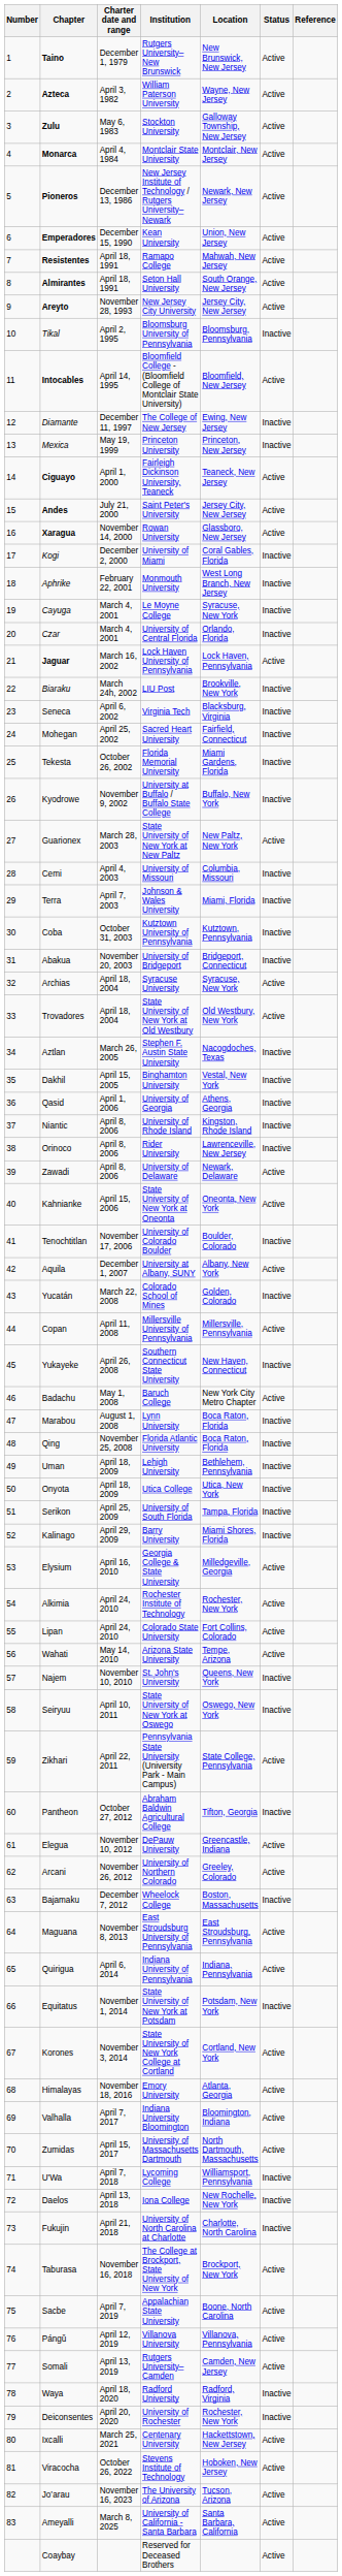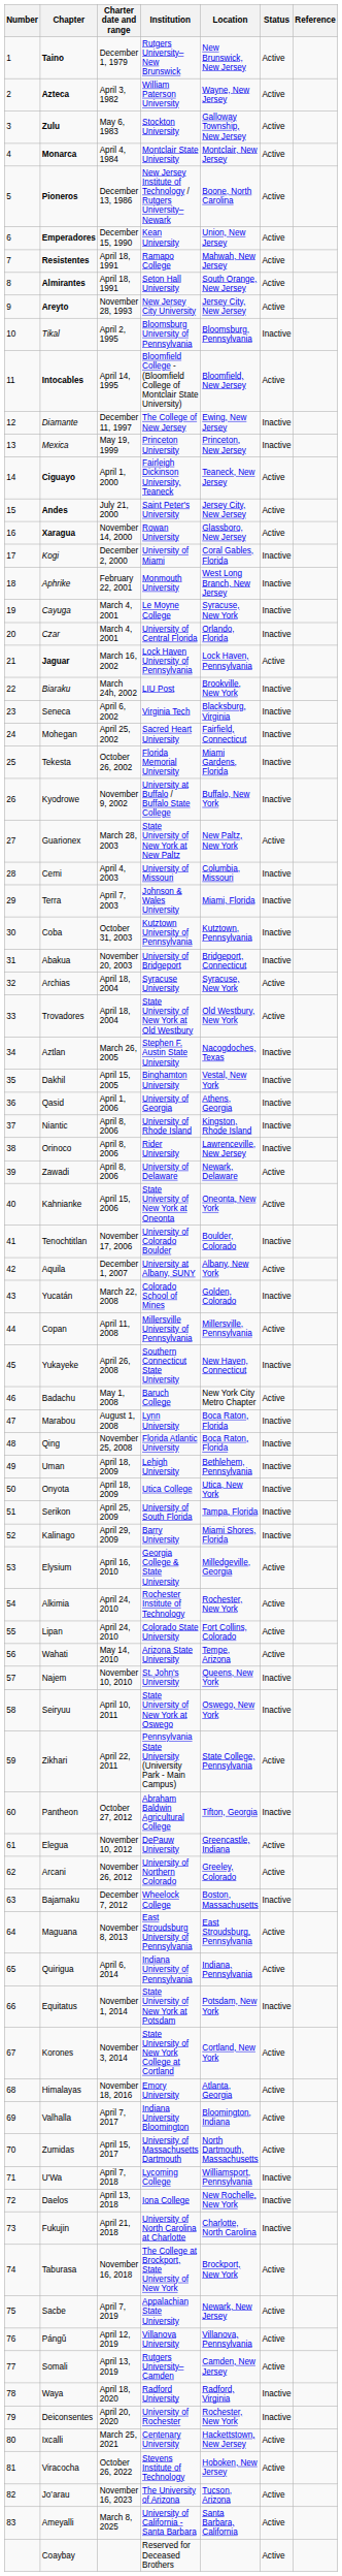 <table class="wikitable sortable">
 <tr>
 <th>Number</th>
 <th>Chapter</th>
 <th>Charter date and range</th>
 <th>Institution</th>
 <th>Location</th>
 <th>Status</th>
 <th>Reference</th>
 </tr>
 <tr>
 <td>1</td>
 <td><strong>Taino</strong></td>
 <td>December 1, 1979</td>
 <td><a href='#'>Rutgers University–New Brunswick</a></td>
 <td><a href='#'>New Brunswick, New Jersey</a></td>
 <td>Active</td>
 <td></td>
 </tr>
 <tr>
 <td>2</td>
 <td><strong>Azteca</strong></td>
 <td>April 3, 1982</td>
 <td><a href='#'>William Paterson University</a></td>
 <td><a href='#'>Wayne, New Jersey</a></td>
 <td>Active</td>
 <td></td>
 </tr>
 <tr>
 <td>3</td>
 <td><strong>Zulu</strong></td>
 <td>May 6, 1983</td>
 <td><a href='#'>Stockton University</a></td>
 <td><a href='#'>Galloway Township, New Jersey</a></td>
 <td>Active</td>
 <td></td>
 </tr>
 <tr>
 <td>4</td>
 <td><strong>Monarca</strong></td>
 <td>April 4, 1984</td>
 <td><a href='#'>Montclair State University</a></td>
 <td><a href='#'>Montclair, New Jersey</a></td>
 <td>Active</td>
 <td></td>
 </tr>
 <tr>
 <td>5</td>
 <td><strong>Pioneros</strong></td>
 <td>December 13, 1986</td>
 <td><a href='#'>New Jersey Institute of Technology</a> / <a href='#'>Rutgers University–Newark</a></td>
-<td><a href='#'>Newark, New Jersey</a></td>
+<td><a href='#'>Boone, North Carolina</a></td>
 <td>Active</td>
 <td></td>
 </tr>
 <tr>
 <td>6</td>
 <td><strong>Emperadores</strong></td>
 <td>December 15, 1990</td>
 <td><a href='#'>Kean University</a></td>
 <td><a href='#'>Union, New Jersey</a></td>
 <td>Active</td>
 <td></td>
 </tr>
 <tr>
 <td>7</td>
 <td><strong>Resistentes</strong></td>
 <td>April 18, 1991</td>
 <td><a href='#'>Ramapo College</a></td>
 <td><a href='#'>Mahwah, New Jersey</a></td>
 <td>Active</td>
 <td></td>
 </tr>
 <tr>
 <td>8</td>
 <td><strong>Almirantes</strong></td>
 <td>April 18, 1991</td>
 <td><a href='#'>Seton Hall University</a></td>
 <td><a href='#'>South Orange, New Jersey</a></td>
 <td>Active</td>
 <td></td>
 </tr>
 <tr>
 <td>9</td>
 <td><strong>Areyto</strong></td>
 <td>November 28, 1993</td>
 <td><a href='#'>New Jersey City University</a></td>
 <td><a href='#'>Jersey City, New Jersey</a></td>
 <td>Active</td>
 <td></td>
 </tr>
 <tr>
 <td>10</td>
 <td><em>Tikal</em></td>
 <td>April 2, 1995</td>
 <td><a href='#'>Bloomsburg University of Pennsylvania</a></td>
 <td><a href='#'>Bloomsburg, Pennsylvania</a></td>
 <td>Inactive</td>
 <td></td>
 </tr>
 <tr>
 <td>11</td>
 <td><strong>Intocables</strong></td>
 <td>April 14, 1995</td>
 <td><a href='#'>Bloomfield College</a> - (Bloomfield College of Montclair State University)</td>
 <td><a href='#'>Bloomfield, New Jersey</a></td>
 <td>Active</td>
 <td></td>
 </tr>
 <tr>
 <td>12</td>
 <td><em>Diamante</em></td>
 <td>December 11, 1997</td>
 <td><a href='#'>The College of New Jersey</a></td>
 <td><a href='#'>Ewing, New Jersey</a></td>
 <td>Inactive</td>
 <td></td>
 </tr>
 <tr>
 <td>13</td>
 <td><em>Mexica</em></td>
 <td>May 19, 1999</td>
 <td><a href='#'>Princeton University</a></td>
 <td><a href='#'>Princeton, New Jersey</a></td>
 <td>Inactive</td>
 <td></td>
 </tr>
 <tr>
 <td>14</td>
 <td><strong>Ciguayo</strong></td>
 <td>April 1, 2000</td>
 <td><a href='#'>Fairleigh Dickinson University, Teaneck</a></td>
 <td><a href='#'>Teaneck, New Jersey</a></td>
 <td>Active</td>
 <td></td>
 </tr>
 <tr>
 <td>15</td>
 <td><strong>Andes</strong></td>
 <td>July 21, 2000</td>
 <td><a href='#'>Saint Peter's University</a></td>
 <td><a href='#'>Jersey City, New Jersey</a></td>
 <td>Active</td>
 <td></td>
 </tr>
 <tr>
 <td>16</td>
 <td><strong>Xaragua</strong></td>
 <td>November 14, 2000</td>
 <td><a href='#'>Rowan University</a></td>
 <td><a href='#'>Glassboro, New Jersey</a></td>
 <td>Active</td>
 <td></td>
 </tr>
 <tr>
 <td>17</td>
 <td><em>Kogi</em></td>
 <td>December 2, 2000</td>
 <td><a href='#'>University of Miami</a></td>
 <td><a href='#'>Coral Gables, Florida</a></td>
 <td>Inactive</td>
 <td></td>
 </tr>
 <tr>
 <td>18</td>
 <td><em>Aphrike</em></td>
 <td>February 22, 2001</td>
 <td><a href='#'>Monmouth University</a></td>
 <td><a href='#'>West Long Branch, New Jersey</a></td>
 <td>Inactive</td>
 <td></td>
 </tr>
 <tr>
 <td>19</td>
 <td><em>Cayuga</em></td>
 <td>March 4, 2001</td>
 <td><a href='#'>Le Moyne College</a></td>
 <td><a href='#'>Syracuse, New York</a></td>
 <td>Inactive</td>
 <td></td>
 </tr>
 <tr>
 <td>20</td>
 <td><em>Czar</em></td>
 <td>March 4, 2001</td>
 <td><a href='#'>University of Central Florida</a></td>
 <td><a href='#'>Orlando, Florida</a></td>
 <td>Inactive</td>
 <td></td>
 </tr>
 <tr>
 <td>21</td>
 <td><strong>Jaguar</strong></td>
 <td>March 16, 2002</td>
 <td><a href='#'>Lock Haven University of Pennsylvania</a></td>
 <td><a href='#'>Lock Haven, Pennsylvania</a></td>
 <td>Active</td>
 <td></td>
 </tr>
 <tr>
 <td>22</td>
 <td><em>Biaraku<strong></td>
 <td>March 24h, 2002</td>
 <td><a href='#'>LIU Post</a></td>
 <td><a href='#'>Brookville, New York</a></td>
 <td>Inactive</td>
 <td></td>
 </tr>
 <tr>
 <td>23</td>
 <td></em>Seneca<em></td>
 <td>April 6, 2002</td>
 <td><a href='#'>Virginia Tech</a></td>
 <td><a href='#'>Blacksburg, Virginia</a></td>
 <td>Inactive</td>
 <td></td>
 </tr>
 <tr>
 <td>24</td>
 <td></em>Mohegan<em></td>
 <td>April 25, 2002</td>
 <td><a href='#'>Sacred Heart University</a></td>
 <td><a href='#'>Fairfield, Connecticut</a></td>
 <td>Inactive</td>
 <td></td>
 </tr>
 <tr>
 <td>25</td>
 <td></em>Tekesta<em></td>
 <td>October 26, 2002</td>
 <td><a href='#'>Florida Memorial University</a></td>
 <td><a href='#'>Miami Gardens, Florida</a></td>
 <td>Inactive</td>
 <td></td>
 </tr>
 <tr>
 <td>26</td>
 <td></em>Kyodrowe<em></td>
 <td>November 9, 2002</td>
 <td><a href='#'>University at Buffalo</a> / <a href='#'>Buffalo State College</a></td>
 <td><a href='#'>Buffalo, New York</a></td>
 <td>Inactive</td>
 <td></td>
 </tr>
 <tr>
 <td>27</td>
 <td></strong>Guarionex<strong></td>
 <td>March 28, 2003</td>
 <td><a href='#'>State University of New York at New Paltz</a></td>
 <td><a href='#'>New Paltz, New York</a></td>
 <td>Active</td>
 <td></td>
 </tr>
 <tr>
 <td>28</td>
 <td></em>Cemi<em></td>
 <td>April 4, 2003</td>
 <td><a href='#'>University of Missouri</a></td>
 <td><a href='#'>Columbia, Missouri</a></td>
 <td>Inactive</td>
 <td></td>
 </tr>
 <tr>
 <td>29</td>
 <td></em>Terra<em></td>
 <td>April 7, 2003</td>
 <td><a href='#'>Johnson & Wales University</a></td>
 <td><a href='#'>Miami, Florida</a></td>
 <td>Inactive</td>
 <td></td>
 </tr>
 <tr>
 <td>30</td>
 <td></em>Coba<em></td>
 <td>October 31, 2003</td>
 <td><a href='#'>Kutztown University of Pennsylvania</a></td>
 <td><a href='#'>Kutztown, Pennsylvania</a></td>
 <td>Inactive</td>
 <td></td>
 </tr>
 <tr>
 <td>31</td>
 <td></em>Abakua<em></td>
 <td>November 20, 2003</td>
 <td><a href='#'>University of Bridgeport</a></td>
 <td><a href='#'>Bridgeport, Connecticut</a></td>
 <td>Inactive</td>
 <td></td>
 </tr>
 <tr>
 <td>32</td>
 <td></strong>Archias<strong></td>
 <td>April 18, 2004</td>
 <td><a href='#'>Syracuse University</a></td>
 <td><a href='#'>Syracuse, New York</a></td>
 <td>Active</td>
 <td></td>
 </tr>
 <tr>
 <td>33</td>
 <td></strong>Trovadores<strong></td>
 <td>April 18, 2004</td>
 <td><a href='#'>State University of New York at Old Westbury</a></td>
 <td><a href='#'>Old Westbury, New York</a></td>
 <td>Active</td>
 <td></td>
 </tr>
 <tr>
 <td>34</td>
 <td></em>Aztlan<em></td>
 <td>March 26, 2005</td>
 <td><a href='#'>Stephen F. Austin State University</a></td>
 <td><a href='#'>Nacogdoches, Texas</a></td>
 <td>Inactive</td>
 <td></td>
 </tr>
 <tr>
 <td>35</td>
 <td></em>Dakhil<em></td>
 <td>April 15, 2005</td>
 <td><a href='#'>Binghamton University</a></td>
 <td><a href='#'>Vestal, New York</a></td>
 <td>Inactive</td>
 <td></td>
 </tr>
 <tr>
 <td>36</td>
 <td></em>Qasid<em></td>
 <td>April 1, 2006</td>
 <td><a href='#'>University of Georgia</a></td>
 <td><a href='#'>Athens, Georgia</a></td>
 <td>Inactive</td>
 <td></td>
 </tr>
 <tr>
 <td>37</td>
 <td></em>Niantic<em></td>
 <td>April 8, 2006</td>
 <td><a href='#'>University of Rhode Island</a></td>
 <td><a href='#'>Kingston, Rhode Island</a></td>
 <td>Inactive</td>
 <td></td>
 </tr>
 <tr>
 <td>38</td>
 <td></em>Orinoco<em></td>
 <td>April 8, 2006</td>
 <td><a href='#'>Rider University</a></td>
 <td><a href='#'>Lawrenceville, New Jersey</a></td>
 <td>Inactive</td>
 <td></td>
 </tr>
 <tr>
 <td>39</td>
 <td></strong>Zawadi<strong></td>
 <td>April 8, 2006</td>
 <td><a href='#'>University of Delaware</a></td>
 <td><a href='#'>Newark, Delaware</a></td>
 <td>Active</td>
 <td></td>
 </tr>
 <tr>
 <td>40</td>
 <td></strong>Kahnianke<strong></td>
 <td>April 15, 2006</td>
 <td><a href='#'>State University of New York at Oneonta</a></td>
 <td><a href='#'>Oneonta, New York</a></td>
 <td>Active</td>
 <td></td>
 </tr>
 <tr>
 <td>41</td>
 <td></em>Tenochtitlan<em></td>
 <td>November 17, 2006</td>
 <td><a href='#'>University of Colorado Boulder</a></td>
 <td><a href='#'>Boulder, Colorado</a></td>
 <td>Inactive</td>
 <td></td>
 </tr>
 <tr>
 <td>42</td>
 <td></strong>Aquila<strong></td>
 <td>December 1, 2007</td>
 <td><a href='#'>University at Albany, SUNY</a></td>
 <td><a href='#'>Albany, New York</a></td>
 <td>Active</td>
 <td></td>
 </tr>
 <tr>
 <td>43</td>
 <td></em>Yucatán<em></td>
 <td>March 22, 2008</td>
 <td><a href='#'>Colorado School of Mines</a></td>
 <td><a href='#'>Golden, Colorado</a></td>
 <td>Inactive</td>
 <td></td>
 </tr>
 <tr>
 <td>44</td>
 <td></strong>Copan<strong></td>
 <td>April 11, 2008</td>
 <td><a href='#'>Millersville University of Pennsylvania</a></td>
 <td><a href='#'>Millersville, Pennsylvania</a></td>
 <td>Active</td>
 <td></td>
 </tr>
 <tr>
 <td>45</td>
 <td></em>Yukayeke<em></td>
 <td>April 26, 2008</td>
 <td><a href='#'>Southern Connecticut State University</a></td>
 <td><a href='#'>New Haven, Connecticut</a></td>
 <td>Inactive</td>
 <td></td>
 </tr>
 <tr>
 <td>46</td>
 <td></strong>Badachu<strong></td>
 <td>May 1, 2008</td>
 <td><a href='#'>Baruch College</a></td>
 <td>New York City Metro Chapter</td>
 <td>Active</td>
 <td></td>
 </tr>
 <tr>
 <td>47</td>
 <td></em>Marabou<em></td>
 <td>August 1, 2008</td>
 <td><a href='#'>Lynn University</a></td>
 <td><a href='#'>Boca Raton, Florida</a></td>
 <td>Inactive</td>
 <td></td>
 </tr>
 <tr>
 <td>48</td>
 <td></em>Qing<em></td>
 <td>November 25, 2008</td>
 <td><a href='#'>Florida Atlantic University</a></td>
 <td><a href='#'>Boca Raton, Florida</a></td>
 <td>Inactive</td>
 <td></td>
 </tr>
 <tr>
 <td>49</td>
 <td></em>Uman<em></td>
 <td>April 18, 2009</td>
 <td><a href='#'>Lehigh University</a></td>
 <td><a href='#'>Bethlehem, Pennsylvania</a></td>
 <td>Inactive</td>
 <td></td>
 </tr>
 <tr>
 <td>50</td>
 <td></em>Onyota<em></td>
 <td>April 18, 2009</td>
 <td><a href='#'>Utica College</a></td>
 <td><a href='#'>Utica, New York</a></td>
 <td>Inactive</td>
 <td></td>
 </tr>
 <tr>
 <td>51</td>
 <td></em>Serikon<em></td>
 <td>April 25, 2009</td>
 <td><a href='#'>University of South Florida</a></td>
 <td><a href='#'>Tampa, Florida</a></td>
 <td>Inactive</td>
 <td></td>
 </tr>
 <tr>
 <td>52</td>
 <td></em>Kalinago<em></td>
 <td>April 29, 2009</td>
 <td><a href='#'>Barry University</a></td>
 <td><a href='#'>Miami Shores, Florida</a></td>
 <td>Inactive</td>
 <td></td>
 </tr>
 <tr>
 <td>53</td>
 <td></strong>Elysium<strong></td>
 <td>April 16, 2010</td>
 <td><a href='#'>Georgia College & State University</a></td>
 <td><a href='#'>Milledgeville, Georgia</a></td>
 <td>Active</td>
 <td></td>
 </tr>
 <tr>
 <td>54</td>
 <td></strong>Alkimia<strong></td>
 <td>April 24, 2010</td>
 <td><a href='#'>Rochester Institute of Technology</a></td>
 <td><a href='#'>Rochester, New York</a></td>
 <td>Active</td>
 <td></td>
 </tr>
 <tr>
 <td>55</td>
 <td></strong>Lipan<strong></td>
 <td>April 24, 2010</td>
 <td><a href='#'>Colorado State University</a></td>
 <td><a href='#'>Fort Collins, Colorado</a></td>
 <td>Active</td>
 <td></td>
 </tr>
 <tr>
 <td>56</td>
 <td></strong>Wahati<strong></td>
 <td>May 14, 2010</td>
 <td><a href='#'>Arizona State University</a></td>
 <td><a href='#'>Tempe, Arizona</a></td>
 <td>Active</td>
 <td></td>
 </tr>
 <tr>
 <td>57</td>
 <td></em>Najem<em></td>
 <td>November 10, 2010</td>
 <td><a href='#'>St. John's University</a></td>
 <td><a href='#'>Queens, New York</a></td>
 <td>Inactive</td>
 <td></td>
 </tr>
 <tr>
 <td>58</td>
 <td></em>Seiryuu<em></td>
 <td>April 10, 2011</td>
 <td><a href='#'>State University of New York at Oswego</a></td>
 <td><a href='#'>Oswego, New York</a></td>
 <td>Inactive</td>
 <td></td>
 </tr>
 <tr>
 <td>59</td>
 <td></strong>Zikhari<strong></td>
 <td>April 22, 2011</td>
 <td><a href='#'>Pennsylvania State University</a> (University Park - Main Campus)</td>
 <td><a href='#'>State College, Pennsylvania</a></td>
 <td>Active</td>
 <td></td>
 </tr>
 <tr>
 <td>60</td>
 <td></em>Pantheon<em></td>
 <td>October 27, 2012</td>
 <td><a href='#'>Abraham Baldwin Agricultural College</a></td>
 <td><a href='#'>Tifton, Georgia</a></td>
 <td>Inactive</td>
 <td></td>
 </tr>
 <tr>
 <td>61</td>
 <td></strong>Elegua<strong></td>
 <td>November 10, 2012</td>
 <td><a href='#'>DePauw University</a></td>
 <td><a href='#'>Greencastle, Indiana</a></td>
 <td>Active</td>
 <td></td>
 </tr>
 <tr>
 <td>62</td>
 <td></strong>Arcani<strong></td>
 <td>November 26, 2012</td>
 <td><a href='#'>University of Northern Colorado</a></td>
 <td><a href='#'>Greeley, Colorado</a></td>
 <td>Active</td>
 <td></td>
 </tr>
 <tr>
 <td>63</td>
 <td></em>Bajamaku<em></td>
 <td>December 7, 2012</td>
 <td><a href='#'>Wheelock College</a></td>
 <td><a href='#'>Boston, Massachusetts</a></td>
 <td>Inactive</td>
 <td></td>
 </tr>
 <tr>
 <td>64</td>
 <td></strong>Maguana<strong></td>
 <td>November 8, 2013</td>
 <td><a href='#'>East Stroudsburg University of Pennsylvania</a></td>
 <td><a href='#'>East Stroudsburg, Pennsylvania</a></td>
 <td>Active</td>
 <td></td>
 </tr>
 <tr>
 <td>65</td>
 <td></strong>Quirigua<strong></td>
 <td>April 6, 2014</td>
 <td><a href='#'>Indiana University of Pennsylvania</a></td>
 <td><a href='#'>Indiana, Pennsylvania</a></td>
 <td>Active</td>
 <td></td>
 </tr>
 <tr>
 <td>66</td>
 <td></em>Equitatus<em></td>
 <td>November 1, 2014</td>
 <td><a href='#'>State University of New York at Potsdam</a></td>
 <td><a href='#'>Potsdam, New York</a></td>
 <td>Inactive</td>
 <td></td>
 </tr>
 <tr>
 <td>67</td>
 <td></strong>Korones<strong></td>
 <td>November 3, 2014</td>
 <td><a href='#'>State University of New York College at Cortland</a></td>
 <td><a href='#'>Cortland, New York</a></td>
 <td>Active</td>
 <td></td>
 </tr>
 <tr>
 <td>68</td>
 <td></strong>Himalayas<strong></td>
 <td>November 18, 2016</td>
 <td><a href='#'>Emory University</a></td>
 <td><a href='#'>Atlanta, Georgia</a></td>
 <td>Active</td>
 <td></td>
 </tr>
 <tr>
 <td>69</td>
 <td></strong>Valhalla<strong></td>
 <td>April 7, 2017</td>
 <td><a href='#'>Indiana University Bloomington</a></td>
 <td><a href='#'>Bloomington, Indiana</a></td>
 <td>Active</td>
 <td></td>
 </tr>
 <tr>
 <td>70</td>
 <td></strong>Zumidas<strong></td>
 <td>April 15, 2017</td>
 <td><a href='#'>University of Massachusetts Dartmouth</a></td>
 <td><a href='#'>North Dartmouth, Massachusetts</a></td>
 <td>Active</td>
 <td></td>
 </tr>
 <tr>
 <td>71</td>
 <td></em>U'Wa<em></td>
 <td>April 7, 2018</td>
 <td><a href='#'>Lycoming College</a></td>
 <td><a href='#'>Williamsport, Pennsylvania</a></td>
 <td>Inactive</td>
 <td></td>
 </tr>
 <tr>
 <td>72</td>
 <td></em>Daelos<em></td>
 <td>April 13, 2018</td>
 <td><a href='#'>Iona College</a></td>
 <td><a href='#'>New Rochelle, New York</a></td>
 <td>Inactive</td>
 <td></td>
 </tr>
 <tr>
 <td>73</td>
 <td></em>Fukujin<em></td>
 <td>April 21, 2018</td>
 <td><a href='#'>University of North Carolina at Charlotte</a></td>
 <td><a href='#'>Charlotte, North Carolina</a></td>
 <td>Inactive</td>
 <td></td>
 </tr>
 <tr>
 <td>74</td>
 <td></strong>Taburasa<strong></td>
 <td>November 16, 2018</td>
 <td><a href='#'>The College at Brockport, State University of New York</a></td>
 <td><a href='#'>Brockport, New York</a></td>
 <td>Active</td>
 <td></td>
 </tr>
 <tr>
 <td>75</td>
 <td></strong>Sacbe<strong></td>
 <td>April 7, 2019</td>
 <td><a href='#'>Appalachian State University</a></td>
-<td><a href='#'>Boone, North Carolina</a></td>
+<td><a href='#'>Newark, New Jersey</a></td>
 <td>Active</td>
 <td></td>
 </tr>
 <tr>
 <td>76</td>
 <td></strong>Pángǔ<strong></td>
 <td>April 12, 2019</td>
 <td><a href='#'>Villanova University</a></td>
 <td><a href='#'>Villanova, Pennsylvania</a></td>
 <td>Active</td>
 <td></td>
 </tr>
 <tr>
 <td>77</td>
 <td></strong>Somali<strong></td>
 <td>April 13, 2019</td>
 <td><a href='#'>Rutgers University–Camden</a></td>
 <td><a href='#'>Camden, New Jersey</a></td>
 <td>Active</td>
 <td></td>
 </tr>
 <tr>
 <td>78</td>
 <td></em>Waya<em></td>
 <td>April 18, 2020</td>
 <td><a href='#'>Radford University</a></td>
 <td><a href='#'>Radford, Virginia</a></td>
 <td>Inactive</td>
 <td></td>
 </tr>
 <tr>
 <td>79</td>
 <td></strong>Deiconsentes<strong></td>
 <td>April 20, 2020</td>
 <td><a href='#'>University of Rochester</a></td>
 <td><a href='#'>Rochester, New York</a></td>
 <td>Inactive</td>
 <td></td>
 </tr>
 <tr>
 <td>80</td>
 <td></strong>Ixcalli<strong></td>
 <td>March 25, 2021</td>
 <td><a href='#'>Centenary University</a></td>
 <td><a href='#'>Hackettstown, New Jersey</a></td>
 <td>Active</td>
 <td></td>
 </tr>
 <tr>
 <td>81</td>
 <td></strong>Viracocha<strong></td>
 <td>October 26, 2022</td>
 <td><a href='#'>Stevens Institute of Technology</a></td>
 <td><a href='#'>Hoboken, New Jersey</a></td>
 <td>Active</td>
 <td></td>
 </tr>
 <tr>
 <td>82</td>
 <td></strong>Jo’arau<strong></td>
 <td>November 16, 2023</td>
 <td><a href='#'>The University of Arizona</a></td>
 <td><a href='#'>Tucson, Arizona</a></td>
 <td>Active</td>
 <td></td>
 </tr>
 <tr>
 <td>83</td>
 <td></strong>Ameyalli<strong></td>
 <td>March 8, 2025</td>
 <td><a href='#'>University of California - Santa Barbara</a></td>
 <td><a href='#'>Santa Barbara, California</a></td>
 <td>Active</td>
 <td></td>
 </tr>
 <tr>
 <td></td>
 <td></strong>Coaybay<strong></td>
 <td></td>
 <td></em>Reserved for Deceased Brothers<em></td>
 <td></td>
 <td>Active</td>
 <td></td>
 </tr>
 </table>
